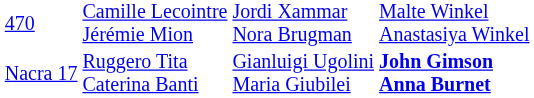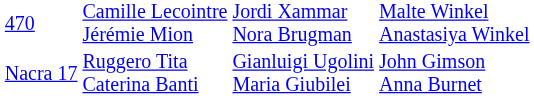 <table>
 <tr>
 <td><a href='#'>470</a><br> </td>
 <td><a href='#'>Camille Lecointre</a><br><a href='#'>Jérémie Mion</a><br></td>
 <td><a href='#'>Jordi Xammar</a><br><a href='#'>Nora Brugman</a><br></td>
 <td><a href='#'>Malte Winkel</a><br><a href='#'>Anastasiya Winkel</a><br></td>
 </tr>
 <tr>
 <td><a href='#'>Nacra 17</a><br> </td>
 <td><a href='#'>Ruggero Tita</a><br><a href='#'>Caterina Banti</a><br></td>
 <td><a href='#'>Gianluigi Ugolini</a><br><a href='#'>Maria Giubilei</a><br></td>
-<td><strong><a href='#'>John Gimson</a><br><a href='#'>Anna Burnet</a><br></strong></td>
+<td><a href='#'>John Gimson</a><br><a href='#'>Anna Burnet</a><br></td>
 </tr>
 </table>
